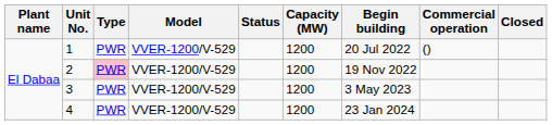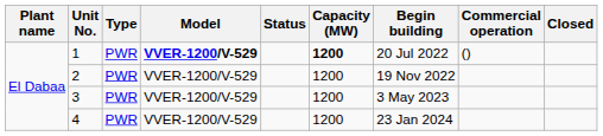 <table class="wikitable sortable mw-datatable">
 <tr>
 <th>Plant<br>name</th>
 <th>Unit<br>No.</th>
 <th>Type</th>
 <th>Model</th>
 <th>Status</th>
 <th>Capacity<br>(MW)</th>
 <th>Begin<br>building</th>
 <th>Commercial<br>operation</th>
 <th>Closed</th>
 </tr>
 <tr>
 <td rowspan=4><a href='#'>El Dabaa</a></td>
 <td>1</td>
 <td><a href='#'>PWR</a></td>
-<td><a href='#'>VVER-1200</a>/V-529</td>
+<td><strong><a href='#'>VVER-1200</a>/V-529</strong></td>
 <td></td>
-<td>1200</td>
+<td><strong>1200</strong></td>
 <td>20 Jul 2022</td>
 <td>()</td>
 <td></td>
 </tr>
 <tr>
 <td>2</td>
-<td style="background: pink;"><a href='#'>PWR</a></td>
+<td><a href='#'>PWR</a></td>
 <td>VVER-1200/V-529</td>
 <td></td>
 <td>1200</td>
 <td>19 Nov 2022</td>
 <td></td>
 <td></td>
 </tr>
 <tr>
 <td>3</td>
 <td><a href='#'>PWR</a></td>
 <td>VVER-1200/V-529</td>
 <td></td>
 <td>1200</td>
 <td>3 May 2023</td>
 <td></td>
 <td></td>
 </tr>
 <tr>
 <td>4</td>
 <td><a href='#'>PWR</a></td>
 <td>VVER-1200/V-529</td>
 <td></td>
 <td>1200</td>
 <td>23 Jan 2024</td>
 <td></td>
 <td></td>
 </tr>
 </table>
